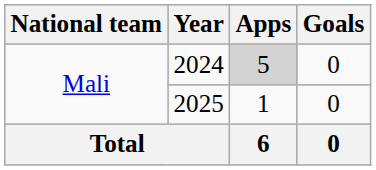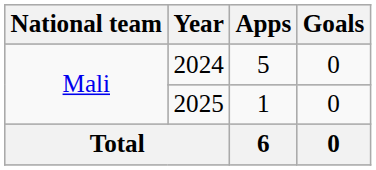 <table class="wikitable" style="text-align:center">
 <tr>
 <th>National team</th>
 <th>Year</th>
 <th>Apps</th>
 <th>Goals</th>
 </tr>
 <tr>
 <td rowspan="2"><a href='#'>Mali</a></td>
 <td>2024</td>
-<td style="background: lightgrey;">5</td>
+<td>5</td>
 <td>0</td>
 </tr>
 <tr>
 <td>2025</td>
 <td>1</td>
 <td>0</td>
 </tr>
 <tr>
 <th colspan="2">Total</th>
 <th>6</th>
 <th>0</th>
 </tr>
 </table>
